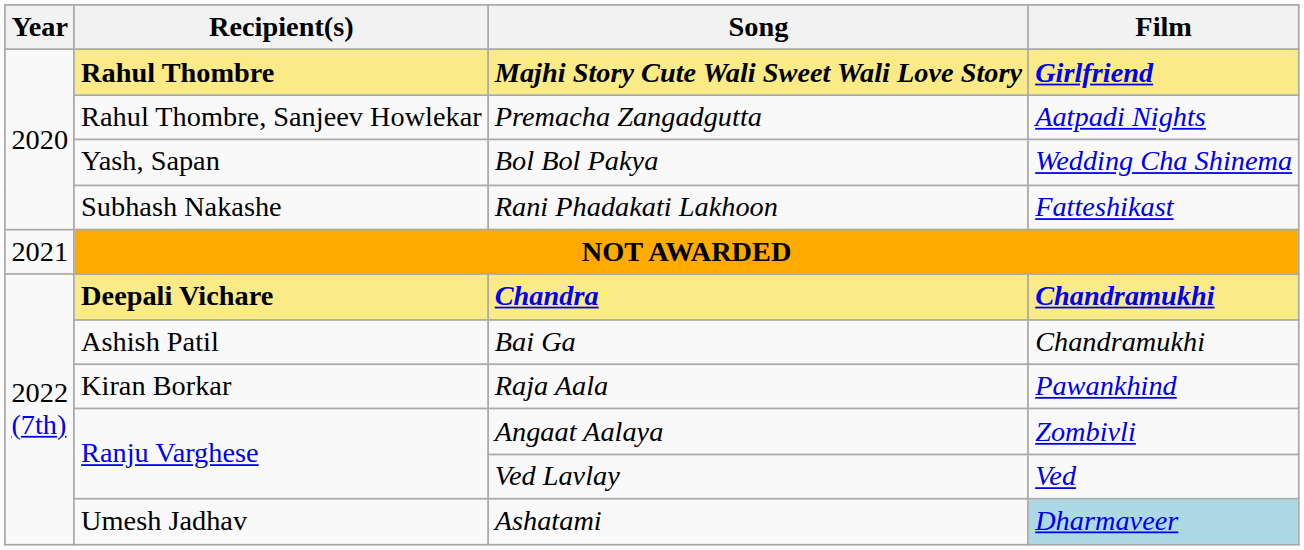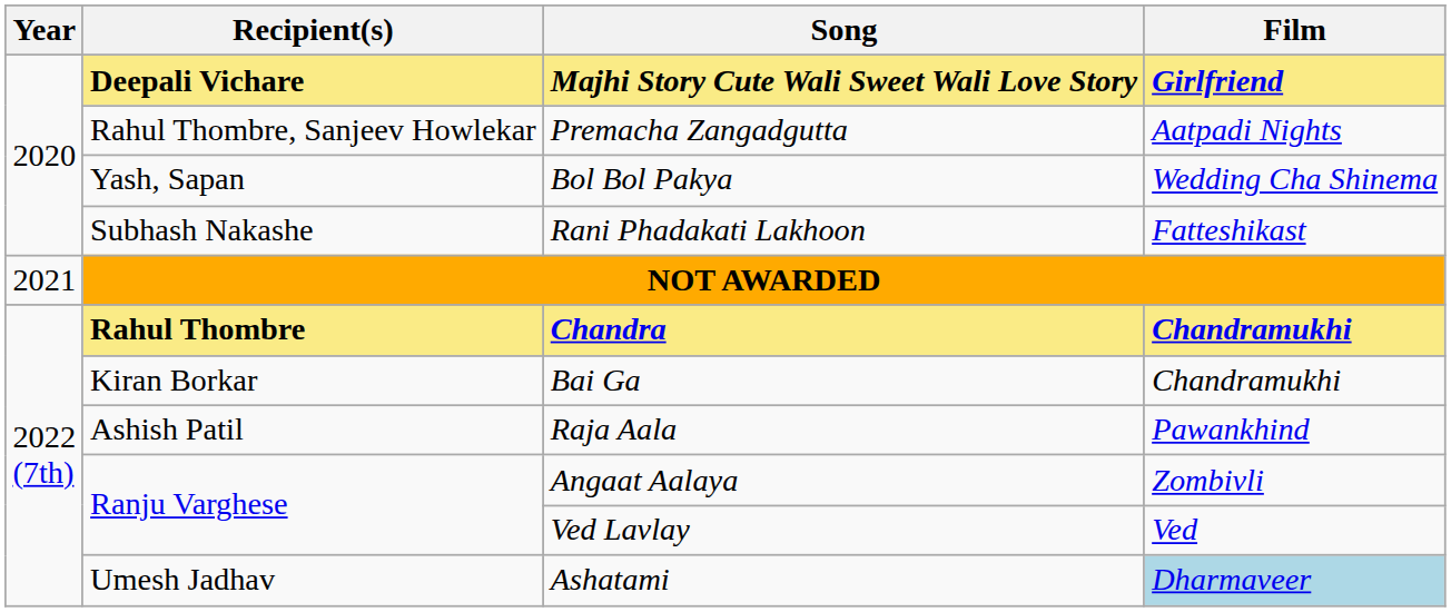 <table class="wikitable">
 <tr>
 <th>Year</th>
 <th>Recipient(s)</th>
 <th>Song</th>
 <th>Film</th>
 </tr>
 <tr>
 <td rowspan="4">2020</td>
-<td style="background:#FAEB86;"><strong>Rahul Thombre</strong></td>
+<td style="background:#FAEB86;"><strong>Deepali Vichare</strong></td>
 <td style="background:#FAEB86;"><strong><em>Majhi Story Cute Wali Sweet Wali Love Story</em></strong></td>
 <td style="background:#FAEB86;"><strong><em><a href='#'>Girlfriend</a></em></strong></td>
 </tr>
 <tr>
 <td>Rahul Thombre, Sanjeev Howlekar</td>
 <td><em>Premacha Zangadgutta</em></td>
 <td><em><a href='#'>Aatpadi Nights</a></em></td>
 </tr>
 <tr>
 <td>Yash, Sapan</td>
 <td><em>Bol Bol Pakya</em></td>
 <td><em><a href='#'>Wedding Cha Shinema</a></em></td>
 </tr>
 <tr>
 <td>Subhash Nakashe</td>
 <td><em>Rani Phadakati Lakhoon</em></td>
 <td><em><a href='#'>Fatteshikast</a></em></td>
 </tr>
 <tr>
 <td>2021</td>
 <td colspan="3" style="background:#FFAA00; text-align:center"><strong>NOT AWARDED</strong></td>
 </tr>
 <tr>
 <td rowspan="6">2022<br><a href='#'>(7th)</a></td>
-<td style="background:#FAEB86;"><strong>Deepali Vichare</strong></td>
+<td style="background:#FAEB86;"><strong>Rahul Thombre</strong></td>
 <td style="background:#FAEB86;"><a href='#'><strong><em>Chandra</em></strong></a></td>
 <td style="background:#FAEB86;"><em><a href='#'><strong>Chandramukhi</strong></a></em></td>
 </tr>
 <tr>
-<td>Ashish Patil</td>
+<td>Kiran Borkar</td>
 <td><em>Bai Ga</em></td>
 <td><em>Chandramukhi</em></td>
 </tr>
 <tr>
-<td>Kiran Borkar</td>
+<td>Ashish Patil</td>
 <td><em>Raja Aala</em></td>
 <td><em><a href='#'>Pawankhind</a></em></td>
 </tr>
 <tr>
 <td rowspan="2"><a href='#'>Ranju Varghese</a></td>
 <td><em>Angaat Aalaya</em></td>
 <td><em><a href='#'>Zombivli</a></em></td>
 </tr>
 <tr>
 <td><em>Ved Lavlay</em></td>
 <td><a href='#'><em>Ved</em></a></td>
 </tr>
 <tr>
 <td>Umesh Jadhav</td>
 <td><em>Ashatami</em></td>
 <td style="background: lightblue;"><em><a href='#'>Dharmaveer</a></em></td>
 </tr>
 </table>
